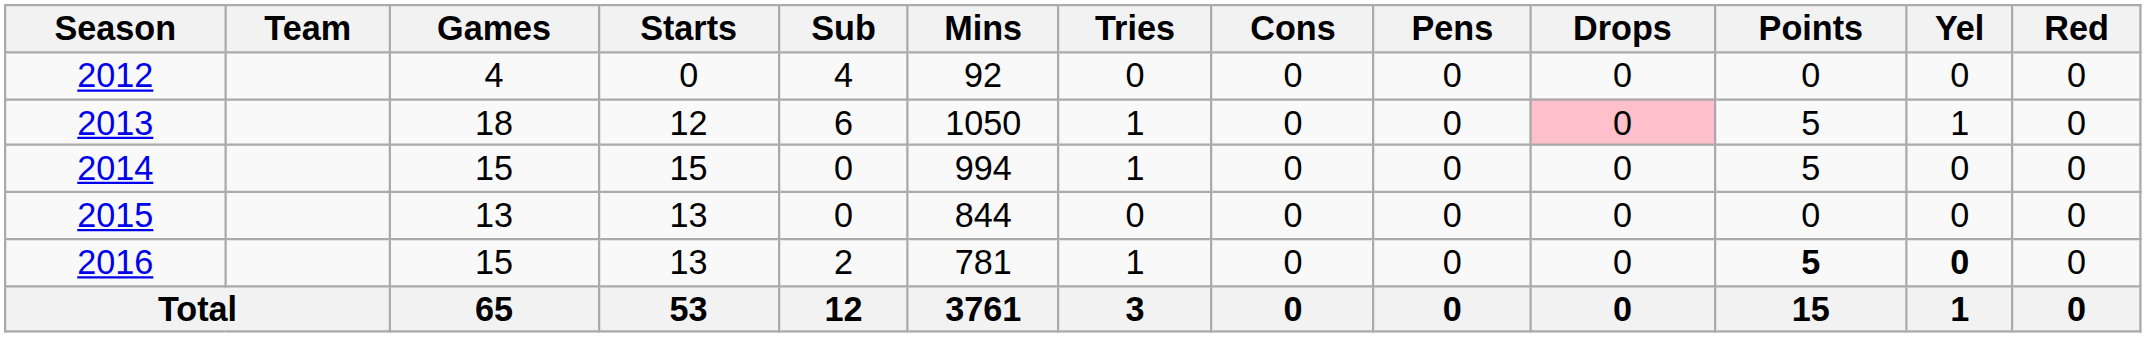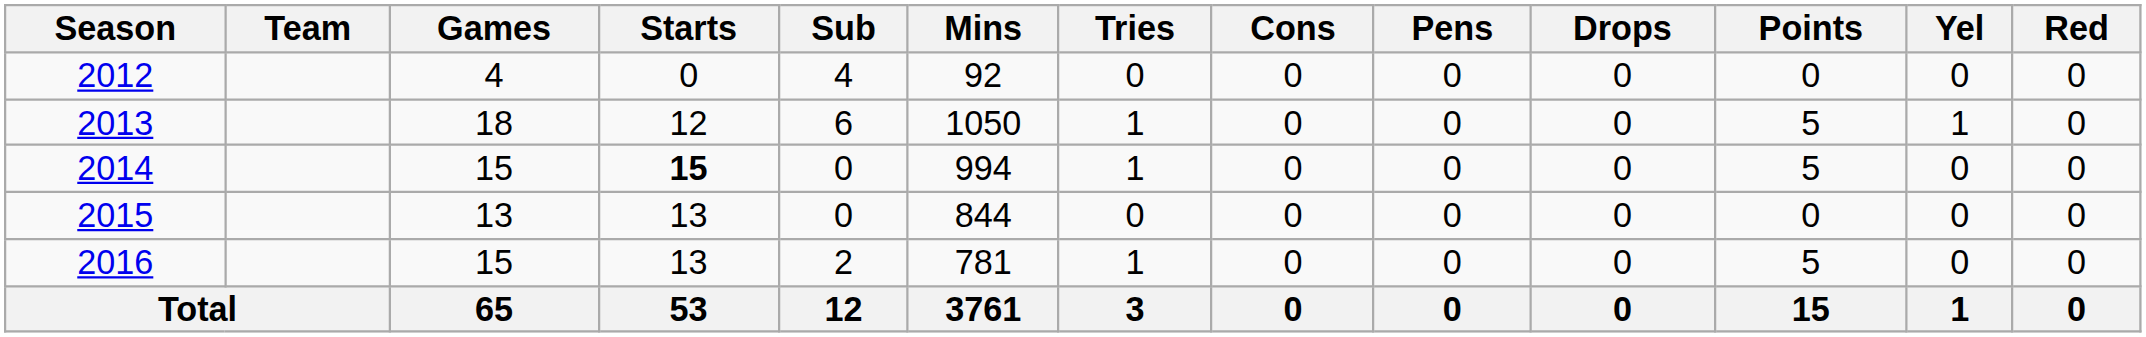 <table class="wikitable" style="text-align:center; line-height:90%; font-size:95%; width:60%;">
 <tr>
 <th>Season</th>
 <th>Team</th>
 <th>Games</th>
 <th>Starts</th>
 <th>Sub</th>
 <th>Mins</th>
 <th>Tries</th>
 <th>Cons</th>
 <th>Pens</th>
 <th>Drops</th>
 <th>Points</th>
 <th>Yel</th>
 <th>Red</th>
 </tr>
 <tr>
 <td><a href='#'>2012</a></td>
 <td></td>
 <td>4</td>
 <td>0</td>
 <td>4</td>
 <td>92</td>
 <td>0</td>
 <td>0</td>
 <td>0</td>
 <td>0</td>
 <td>0</td>
 <td>0</td>
 <td>0</td>
 </tr>
 <tr>
 <td><a href='#'>2013</a></td>
 <td></td>
 <td>18</td>
 <td>12</td>
 <td>6</td>
 <td>1050</td>
 <td>1</td>
 <td>0</td>
 <td>0</td>
-<td style="background: pink;">0</td>
+<td>0</td>
 <td>5</td>
 <td>1</td>
 <td>0</td>
 </tr>
 <tr>
 <td><a href='#'>2014</a></td>
 <td></td>
 <td>15</td>
-<td>15</td>
+<td><strong>15</strong></td>
 <td>0</td>
 <td>994</td>
 <td>1</td>
 <td>0</td>
 <td>0</td>
 <td>0</td>
 <td>5</td>
 <td>0</td>
 <td>0</td>
 </tr>
 <tr>
 <td><a href='#'>2015</a></td>
 <td></td>
 <td>13</td>
 <td>13</td>
 <td>0</td>
 <td>844</td>
 <td>0</td>
 <td>0</td>
 <td>0</td>
 <td>0</td>
 <td>0</td>
 <td>0</td>
 <td>0</td>
 </tr>
 <tr>
 <td><a href='#'>2016</a></td>
 <td></td>
 <td>15</td>
 <td>13</td>
 <td>2</td>
 <td>781</td>
 <td>1</td>
 <td>0</td>
 <td>0</td>
 <td>0</td>
-<td><strong>5</strong></td>
-<td><strong>0</strong></td>
+<td>5</td>
+<td>0</td>
 <td>0</td>
 </tr>
 <tr>
 <th colspan="2">Total</th>
 <th>65</th>
 <th>53</th>
 <th>12</th>
 <th>3761</th>
 <th>3</th>
 <th>0</th>
 <th>0</th>
 <th>0</th>
 <th>15</th>
 <th>1</th>
 <th>0</th>
 </tr>
 </table>
